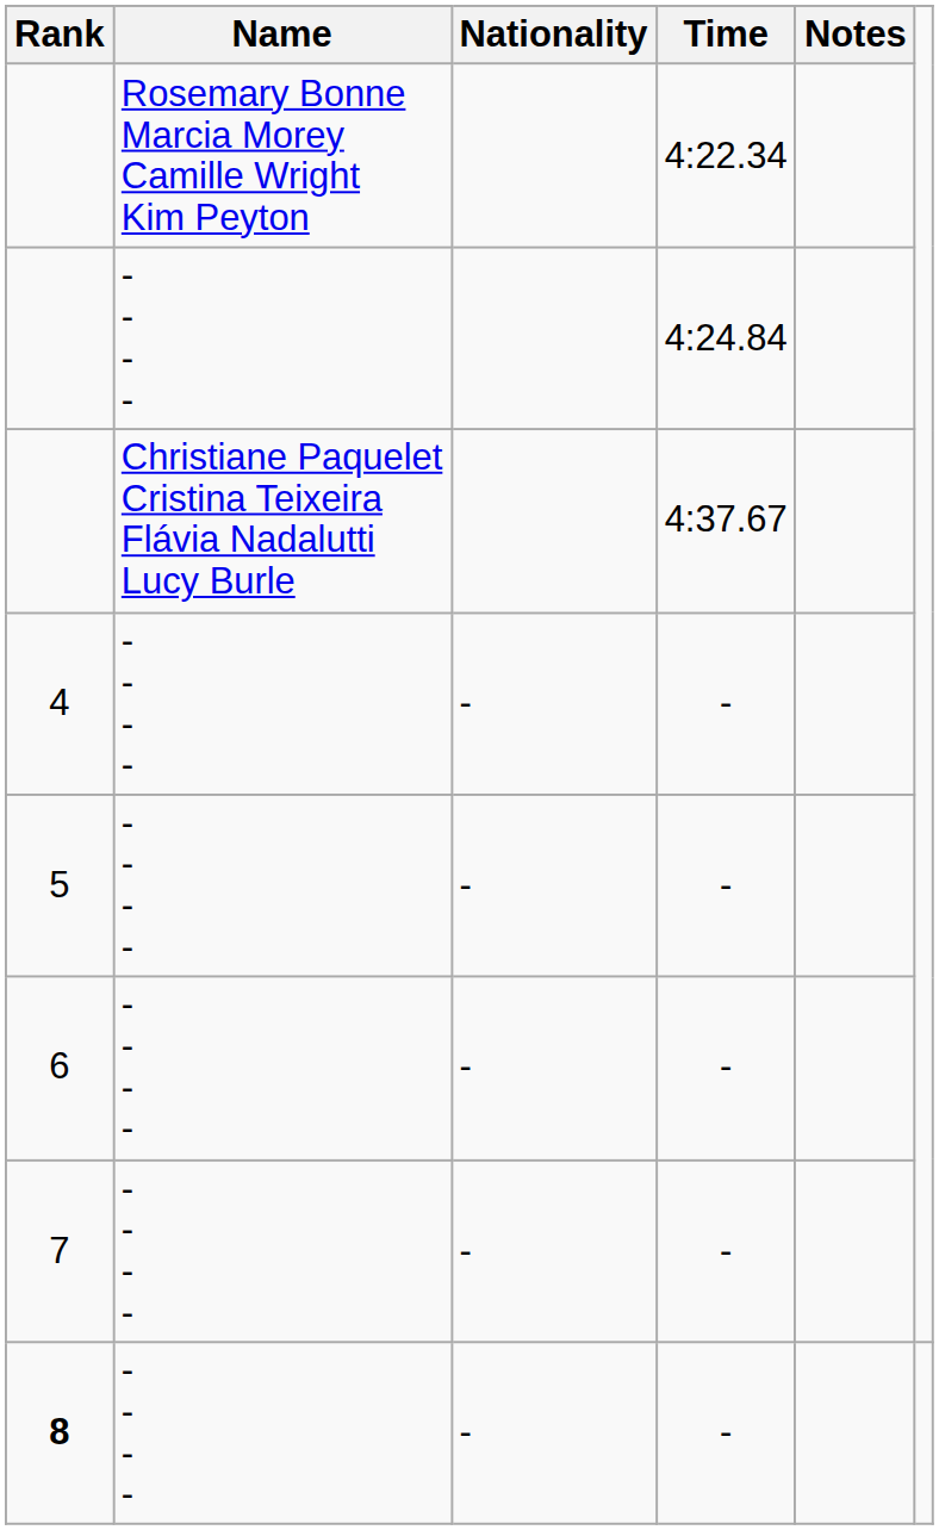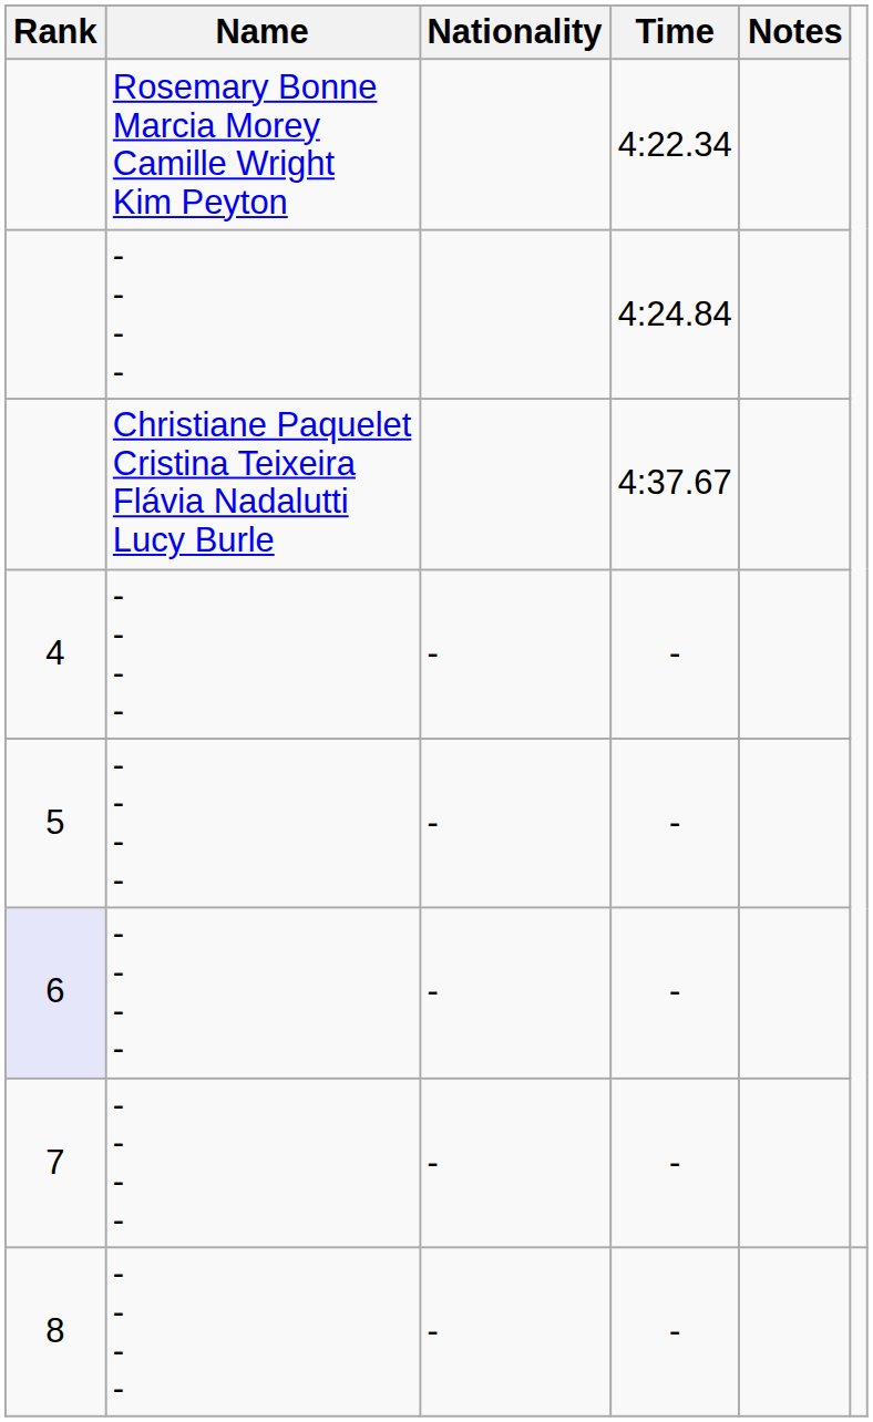 <table class="wikitable sortable" style="text-align:center">
 <tr>
 <th>Rank</th>
 <th>Name</th>
 <th>Nationality</th>
 <th>Time</th>
 <th>Notes</th>
 </tr>
 <tr>
 <td></td>
 <td align=left><a href='#'>Rosemary Bonne</a> <br> <a href='#'>Marcia Morey</a> <br> <a href='#'>Camille Wright</a> <br> <a href='#'>Kim Peyton</a></td>
 <td align=left></td>
 <td>4:22.34</td>
 <td></td>
 </tr>
 <tr>
 <td></td>
 <td align=left>- <br> - <br> - <br> -</td>
 <td align=left></td>
 <td>4:24.84</td>
 <td></td>
 </tr>
 <tr>
 <td></td>
 <td align=left><a href='#'>Christiane Paquelet</a> <br> <a href='#'>Cristina Teixeira</a> <br> <a href='#'>Flávia Nadalutti</a> <br> <a href='#'>Lucy Burle</a></td>
 <td align=left></td>
 <td>4:37.67</td>
 <td></td>
 </tr>
 <tr>
 <td>4</td>
 <td align=left>- <br> - <br> - <br> -</td>
 <td align=left>-</td>
 <td>-</td>
 <td></td>
 </tr>
 <tr>
 <td>5</td>
 <td align=left>- <br> - <br> - <br> -</td>
 <td align=left>-</td>
 <td>-</td>
 <td></td>
 </tr>
 <tr>
-<td>6</td>
+<td style="background: lavender;">6</td>
 <td align=left>- <br> - <br> - <br> -</td>
 <td align=left>-</td>
 <td>-</td>
 <td></td>
 </tr>
 <tr>
 <td>7</td>
 <td align=left>- <br> - <br> - <br> -</td>
 <td align=left>-</td>
 <td>-</td>
 <td></td>
 </tr>
 <tr>
-<td><strong>8</strong></td>
+<td>8</td>
 <td align=left>- <br> - <br> - <br> -</td>
 <td align=left>-</td>
 <td>-</td>
 <td></td>
 <td></td>
 </tr>
 </table>
